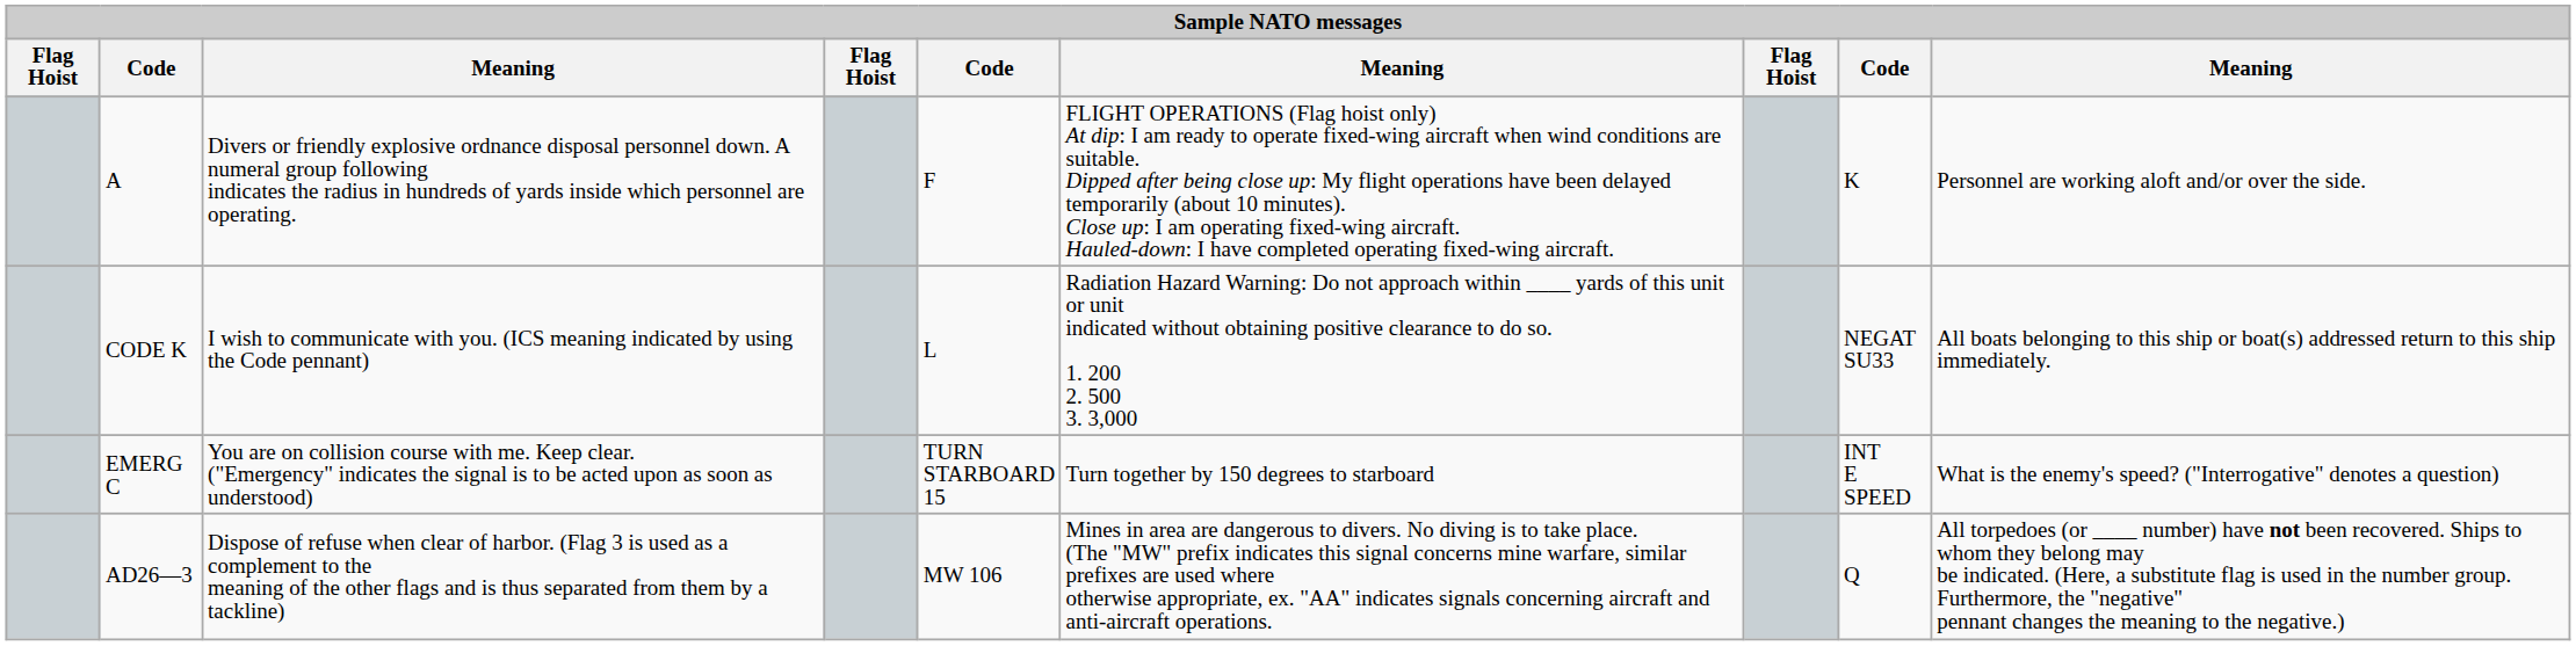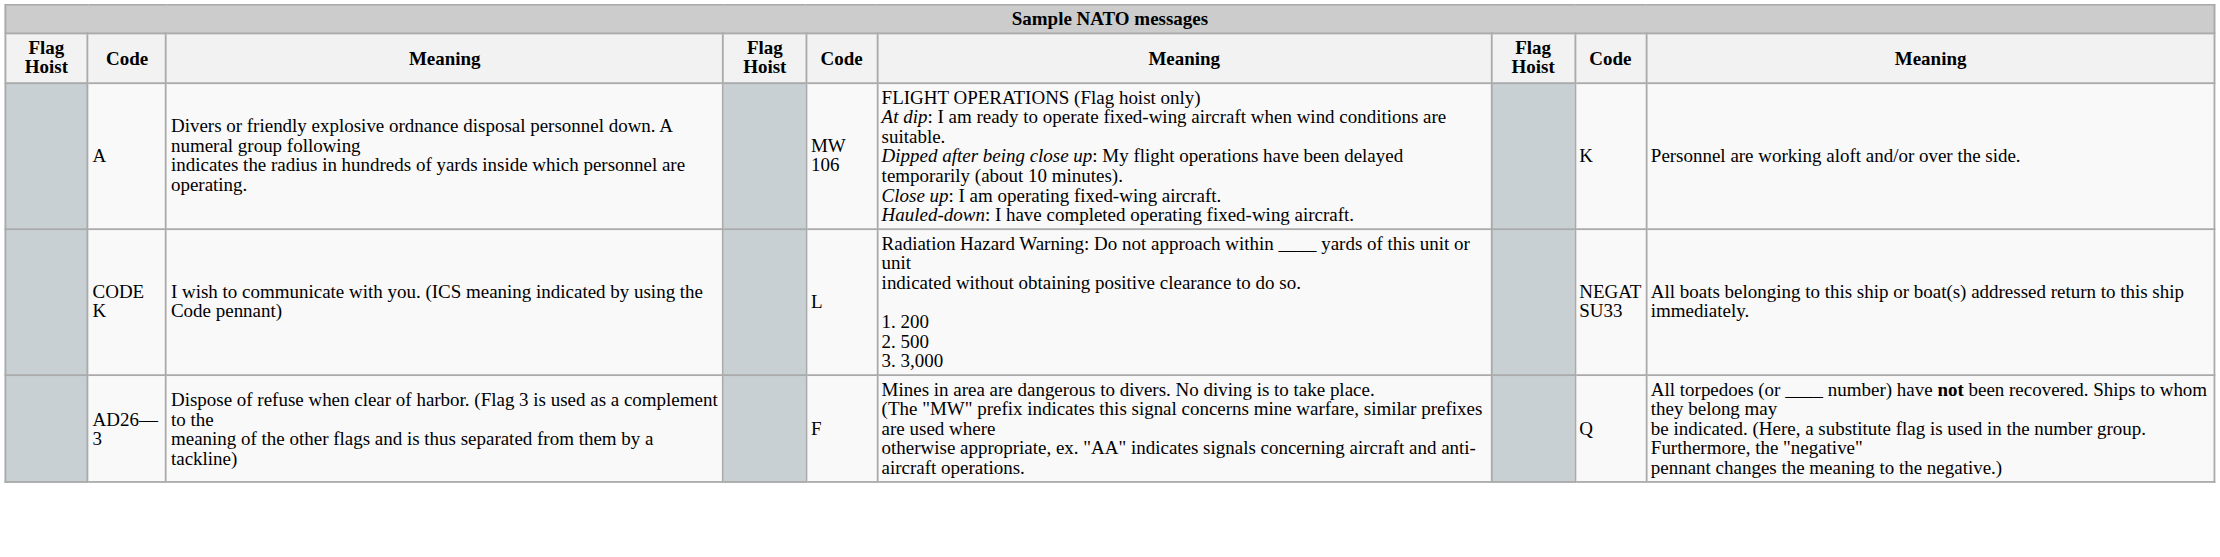 <table class="wikitable" style="margin-left:1em; font-size:8pt;">
 <tr bgcolor="#CCCCCC" align="left">
 <td colspan="9" align="center"><strong>Sample NATO messages</strong></td>
 </tr>
 <tr bgcolor="#CCCCCC" align="center">
 <th>Flag Hoist</th>
 <th>Code</th>
 <th>Meaning</th>
 <th>Flag Hoist</th>
 <th>Code</th>
 <th>Meaning</th>
 <th>Flag Hoist</th>
 <th>Code</th>
 <th>Meaning</th>
 </tr>
 <tr>
 <td style="background-color: #c8d0d4; padding-left: 1em; padding-right: 1em;"></td>
 <td>A</td>
 <td>Divers or friendly explosive ordnance disposal personnel down. A numeral group following <br> indicates the radius in hundreds of yards inside which personnel are operating.</td>
 <td style="background-color: #c8d0d4; padding-left: 1em; padding-right: 1em;"></td>
-<td>F</td>
+<td>MW 106</td>
 <td>FLIGHT OPERATIONS (Flag hoist only) <br> <em>At dip</em>: I am ready to operate fixed-wing aircraft when wind conditions are suitable. <br> <em>Dipped after being close up</em>: My flight operations have been delayed temporarily (about 10 minutes). <br> <em>Close up</em>: I am operating fixed-wing aircraft. <br> <em>Hauled-down</em>: I have completed operating fixed-wing aircraft.</td>
 <td style="background-color: #c8d0d4; padding-left: 1em; padding-right: 1em;"></td>
 <td>K</td>
 <td>Personnel are working aloft and/or over the side.</td>
 </tr>
 <tr>
 <td style="background-color: #c8d0d4; padding-left: 1em; padding-right: 1em;"> <br> </td>
 <td>CODE K</td>
 <td>I wish to communicate with you. (ICS meaning indicated by using the Code pennant)</td>
 <td style="background-color: #c8d0d4; padding-left: 1em; padding-right: 1em;"></td>
 <td>L</td>
 <td>Radiation Hazard Warning: Do not approach within ____ yards of this unit or unit <br> indicated without obtaining positive clearance to do so. <br><br>1. 200 <br> 2. 500 <br> 3. 3,000</td>
 <td style="background-color: #c8d0d4; padding-left: 1em; padding-right: 1em;"></td>
 <td>NEGAT <br> SU33</td>
 <td>All boats belonging to this ship or boat(s) addressed return to this ship immediately.</td>
 </tr>
 <tr>
-<td style="background-color: #c8d0d4; padding-left: 1em; padding-right: 1em;"> <br> </td>
-<td>EMERG C</td>
-<td>You are on collision course with me. Keep clear. <br> ("Emergency" indicates the signal is to be acted upon as soon as understood)</td>
-<td style="background-color: #c8d0d4; padding-left: 1em; padding-right: 1em;"> <br>  <br>  <br> </td>
-<td>TURN <br>STARBOARD <br>15</td>
-<td>Turn together by 150 degrees to starboard</td>
-<td style="background-color: #c8d0d4; padding-left: 1em; padding-right: 1em;"> <br>  <br> </td>
-<td>INT <br> E SPEED</td>
-<td>What is the enemy's speed? ("Interrogative" denotes a question)</td>
-</tr>
-<tr>
 <td style="background-color: #c8d0d4; padding-left: 1em; padding-right: 1em;"> <br>  <br>  <br>  <br><br> </td>
 <td>AD26—3</td>
 <td>Dispose of refuse when clear of harbor. (Flag 3 is used as a complement to the <br> meaning of the other flags and is thus separated from them by a tackline)</td>
 <td style="background-color: #c8d0d4; padding-left: 1em; padding-right: 1em;"> <br>  <br>  <br>  <br> </td>
-<td>MW 106</td>
+<td>F</td>
 <td>Mines in area are dangerous to divers. No diving is to take place. <br> (The "MW" prefix indicates this signal concerns mine warfare, similar prefixes are used where <br> otherwise appropriate, ex. "AA" indicates signals concerning aircraft and anti-aircraft operations.</td>
 <td style="background-color: #c8d0d4; padding-left: 1em; padding-right: 1em;"> <br>  <br>  <br>  <br> </td>
 <td>Q</td>
 <td>All torpedoes (or ____ number) have <strong>not</strong> been recovered. Ships to whom they belong may <br> be indicated. (Here, a substitute flag is used in the number group. Furthermore, the "negative" <br> pennant changes the meaning to the negative.)</td>
 </tr>
 </table>
